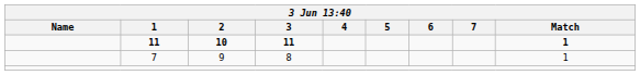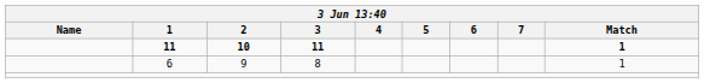 <table class=wikitable style="text-align:center; width: 55%">
 <tr>
 <th colspan=17><em> 3 Jun 13:40</em></th>
 </tr>
 <tr>
 <th>Name</th>
 <th>1</th>
 <th>2</th>
 <th>3</th>
 <th>4</th>
 <th>5</th>
 <th>6</th>
 <th>7</th>
 <th>Match</th>
 </tr>
 <tr>
 <td style="text-align:left;"><strong></strong></td>
 <td><strong>11</strong></td>
 <td><strong>10</strong></td>
 <td><strong>11</strong></td>
 <td></td>
 <td></td>
 <td></td>
 <td></td>
 <td><strong>1</strong></td>
 </tr>
 <tr>
 <td style="text-align:left;"></td>
-<td>7</td>
+<td>6</td>
 <td>9</td>
 <td>8</td>
 <td></td>
 <td></td>
 <td></td>
 <td></td>
 <td>1</td>
 </tr>
 <tr>
 <td colspan=17></td>
 </tr>
 </table>
